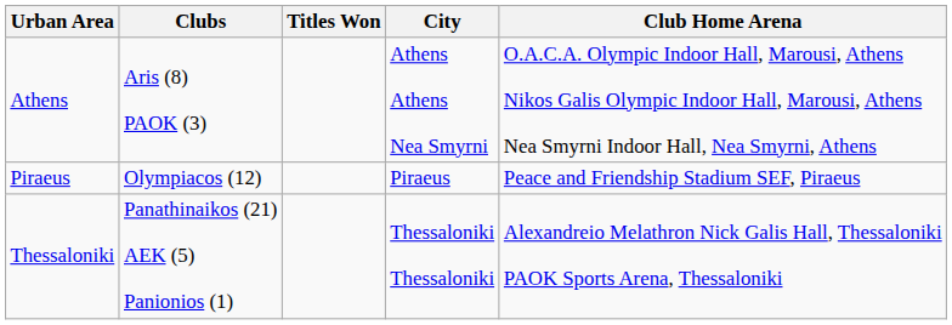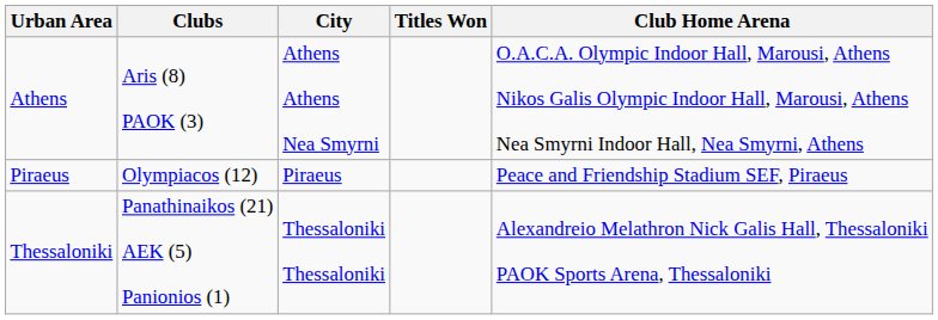 <table class="wikitable">
 <tr>
 <th>Urban Area</th>
 <th>Clubs</th>
+<th>City</th>
 <th>Titles Won</th>
-<th>City</th>
 <th>Club Home Arena</th>
 </tr>
 <tr>
 <td><a href='#'>Athens</a></td>
 <td> <a href='#'>Aris</a> (8) <br><br> <a href='#'>PAOK</a> (3) <br></td>
+<td><a href='#'>Athens</a><br><br><a href='#'>Athens</a><br><br><a href='#'>Nea Smyrni</a><br></td>
 <td></td>
-<td><a href='#'>Athens</a><br><br><a href='#'>Athens</a><br><br><a href='#'>Nea Smyrni</a><br></td>
 <td><a href='#'>O.A.C.A. Olympic Indoor Hall</a>, <a href='#'>Marousi</a>, <a href='#'>Athens</a><br><br><a href='#'>Nikos Galis Olympic Indoor Hall</a>, <a href='#'>Marousi</a>, <a href='#'>Athens</a><br><br>Nea Smyrni Indoor Hall, <a href='#'>Nea Smyrni</a>, <a href='#'>Athens</a></td>
 </tr>
 <tr>
 <td><a href='#'>Piraeus</a></td>
 <td> <a href='#'>Olympiacos</a> (12)</td>
+<td><a href='#'>Piraeus</a></td>
 <td></td>
-<td><a href='#'>Piraeus</a></td>
 <td><a href='#'>Peace and Friendship Stadium SEF</a>, <a href='#'>Piraeus</a></td>
 </tr>
 <tr>
 <td><a href='#'>Thessaloniki</a></td>
 <td> <a href='#'>Panathinaikos</a> (21) <br><br> <a href='#'>AEK</a> (5) <br><br>  <a href='#'>Panionios</a> (1)  <br></td>
+<td><a href='#'>Thessaloniki</a><br><br><a href='#'>Thessaloniki</a><br></td>
 <td></td>
-<td><a href='#'>Thessaloniki</a><br><br><a href='#'>Thessaloniki</a><br></td>
 <td><a href='#'>Alexandreio Melathron Nick Galis Hall</a>, <a href='#'>Thessaloniki</a><br><br><a href='#'>PAOK Sports Arena</a>, <a href='#'>Thessaloniki</a><br></td>
 </tr>
 </table>
